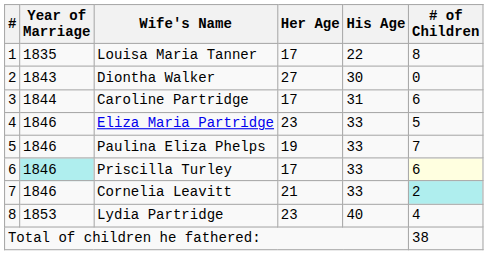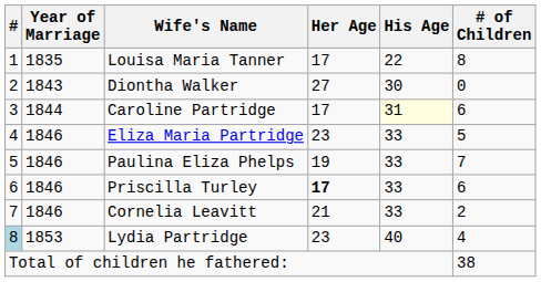 <table class="wikitable">
 <tr>
 <th>#</th>
 <th>Year of <br>Marriage</th>
 <th>Wife's Name</th>
 <th>Her Age</th>
 <th>His Age</th>
 <th># of <br>Children</th>
 </tr>
 <tr>
 <td>1</td>
 <td>1835</td>
 <td>Louisa Maria Tanner</td>
 <td>17</td>
 <td>22</td>
 <td>8</td>
 </tr>
 <tr>
 <td>2</td>
 <td>1843</td>
 <td>Diontha Walker</td>
 <td>27</td>
 <td>30</td>
 <td>0</td>
 </tr>
 <tr>
 <td>3</td>
 <td>1844</td>
 <td>Caroline Partridge</td>
 <td>17</td>
-<td>31</td>
+<td style="background: lightyellow;">31</td>
 <td>6</td>
 </tr>
 <tr>
 <td>4</td>
 <td>1846</td>
 <td><a href='#'>Eliza Maria Partridge</a></td>
 <td>23</td>
 <td>33</td>
 <td>5</td>
 </tr>
 <tr>
 <td>5</td>
 <td>1846</td>
 <td>Paulina Eliza Phelps</td>
 <td>19</td>
 <td>33</td>
 <td>7</td>
 </tr>
 <tr>
 <td>6</td>
-<td style="background: paleturquoise;">1846</td>
+<td>1846</td>
 <td>Priscilla Turley</td>
-<td>17</td>
+<td><strong>17</strong></td>
 <td>33</td>
-<td style="background: lightyellow;">6</td>
+<td>6</td>
 </tr>
 <tr>
 <td>7</td>
 <td>1846</td>
 <td>Cornelia Leavitt</td>
 <td>21</td>
 <td>33</td>
-<td style="background: paleturquoise;">2</td>
+<td>2</td>
 </tr>
 <tr>
-<td>8</td>
+<td style="background: lightblue;">8</td>
 <td>1853</td>
 <td>Lydia Partridge</td>
 <td>23</td>
 <td>40</td>
 <td>4</td>
 </tr>
 <tr>
 <td colspan=5>Total of children he fathered:</td>
 <td>38</td>
 </tr>
 </table>
